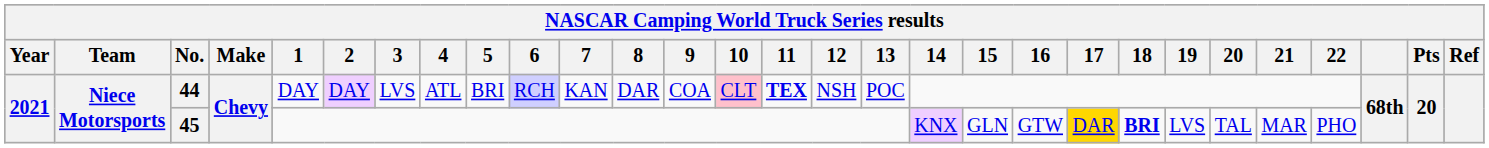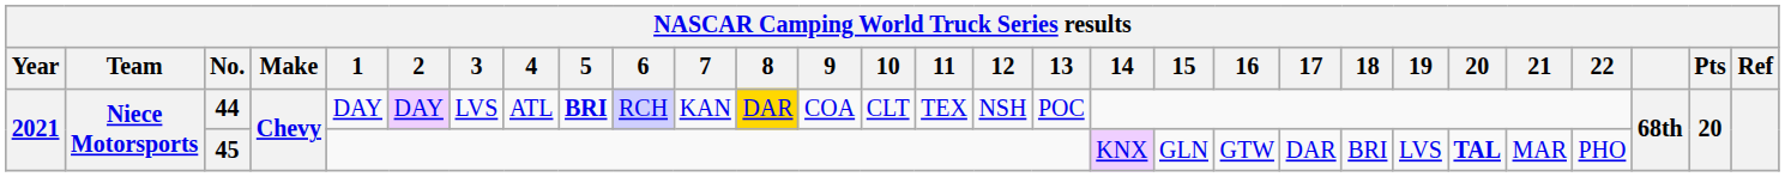 <table class="wikitable" style="text-align:center; font-size:75%">
 <tr>
 <th colspan=29><a href='#'>NASCAR Camping World Truck Series</a> results</th>
 </tr>
 <tr>
 <th>Year</th>
 <th>Team</th>
 <th>No.</th>
 <th>Make</th>
 <th>1</th>
 <th>2</th>
 <th>3</th>
 <th>4</th>
 <th>5</th>
 <th>6</th>
 <th>7</th>
 <th>8</th>
 <th>9</th>
 <th>10</th>
 <th>11</th>
 <th>12</th>
 <th>13</th>
 <th>14</th>
 <th>15</th>
 <th>16</th>
 <th>17</th>
 <th>18</th>
 <th>19</th>
 <th>20</th>
 <th>21</th>
 <th>22</th>
 <th></th>
 <th>Pts</th>
 <th>Ref</th>
 </tr>
 <tr>
 <th rowspan=2><a href='#'>2021</a></th>
 <th rowspan=2><a href='#'>Niece Motorsports</a></th>
 <th>44</th>
 <th rowspan=2><a href='#'>Chevy</a></th>
 <td><a href='#'>DAY</a></td>
 <td style="background:#EFCFFF;"><a href='#'>DAY</a><br></td>
 <td><a href='#'>LVS</a></td>
 <td><a href='#'>ATL</a></td>
-<td><a href='#'>BRI</a></td>
+<td><strong><a href='#'>BRI</a></strong></td>
 <td style="background:#CFCFFF;"><a href='#'>RCH</a><br></td>
 <td><a href='#'>KAN</a></td>
-<td><a href='#'>DAR</a></td>
+<td style="background: gold;"><a href='#'>DAR</a></td>
 <td><a href='#'>COA</a></td>
-<td style="background: pink;"><a href='#'>CLT</a></td>
-<td><strong><a href='#'>TEX</a></strong></td>
+<td><a href='#'>CLT</a></td>
+<td><a href='#'>TEX</a></td>
 <td><a href='#'>NSH</a></td>
 <td><a href='#'>POC</a></td>
 <td colspan=9></td>
 <th rowspan=2>68th</th>
 <th rowspan=2>20</th>
 <th rowspan=2></th>
 </tr>
 <tr>
 <th>45</th>
 <td colspan=13></td>
 <td style="background:#EFCFFF;"><a href='#'>KNX</a><br></td>
 <td><a href='#'>GLN</a></td>
 <td><a href='#'>GTW</a></td>
-<td style="background: gold;"><a href='#'>DAR</a></td>
-<td><strong><a href='#'>BRI</a></strong></td>
+<td><a href='#'>DAR</a></td>
+<td><a href='#'>BRI</a></td>
 <td><a href='#'>LVS</a></td>
-<td><a href='#'>TAL</a></td>
+<td><strong><a href='#'>TAL</a></strong></td>
 <td><a href='#'>MAR</a></td>
 <td><a href='#'>PHO</a></td>
 </tr>
 </table>
